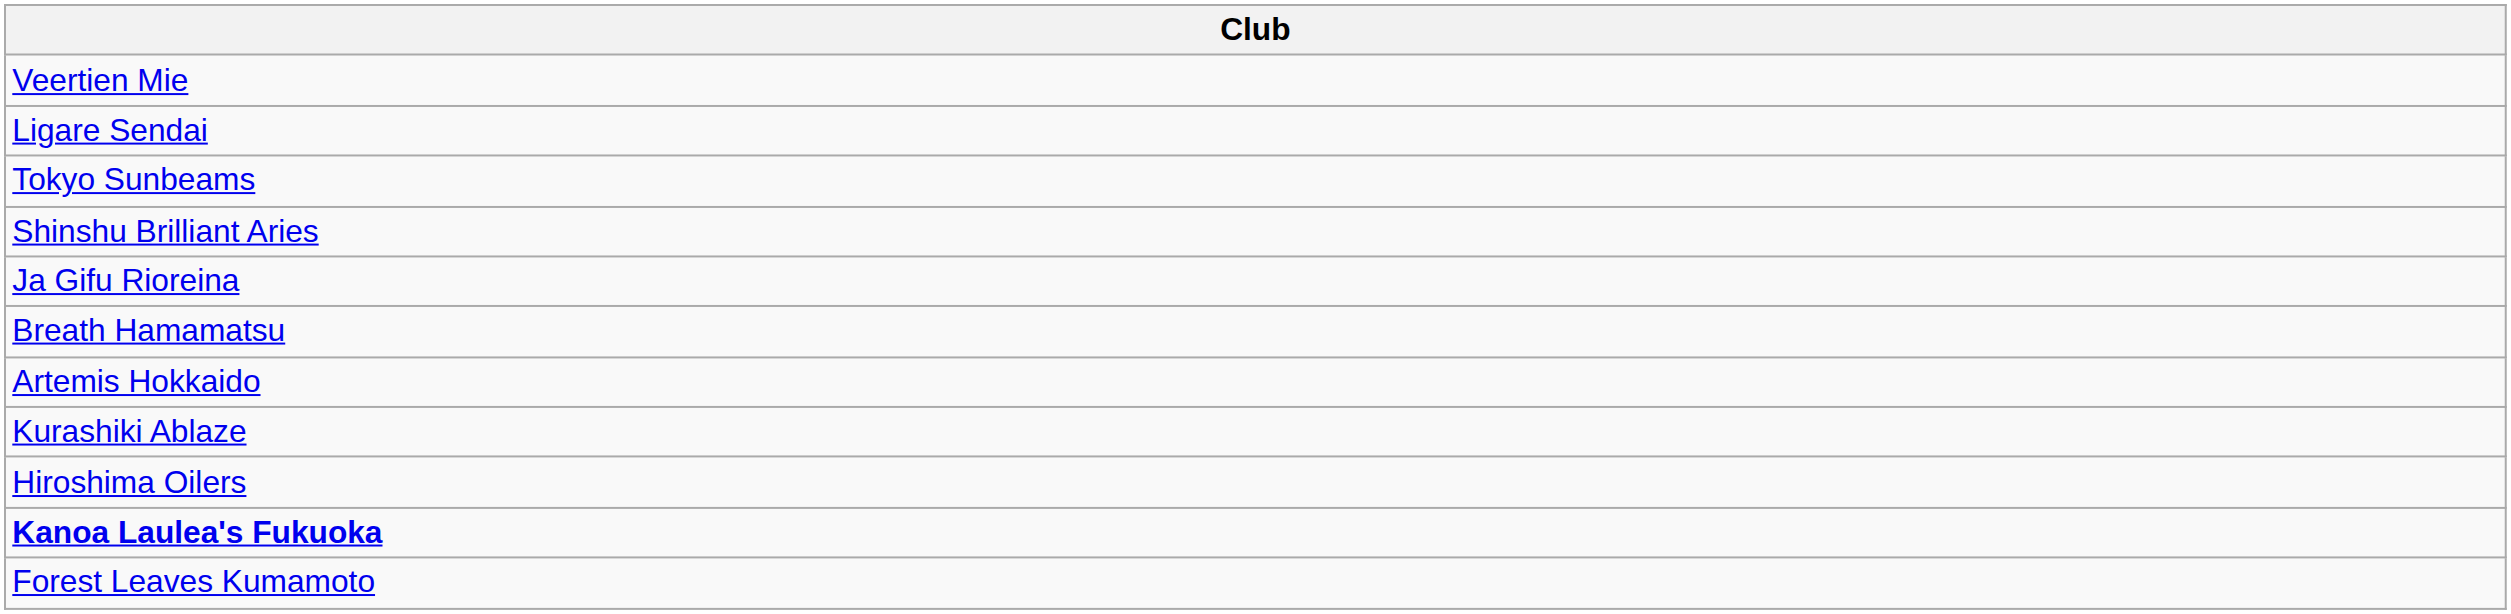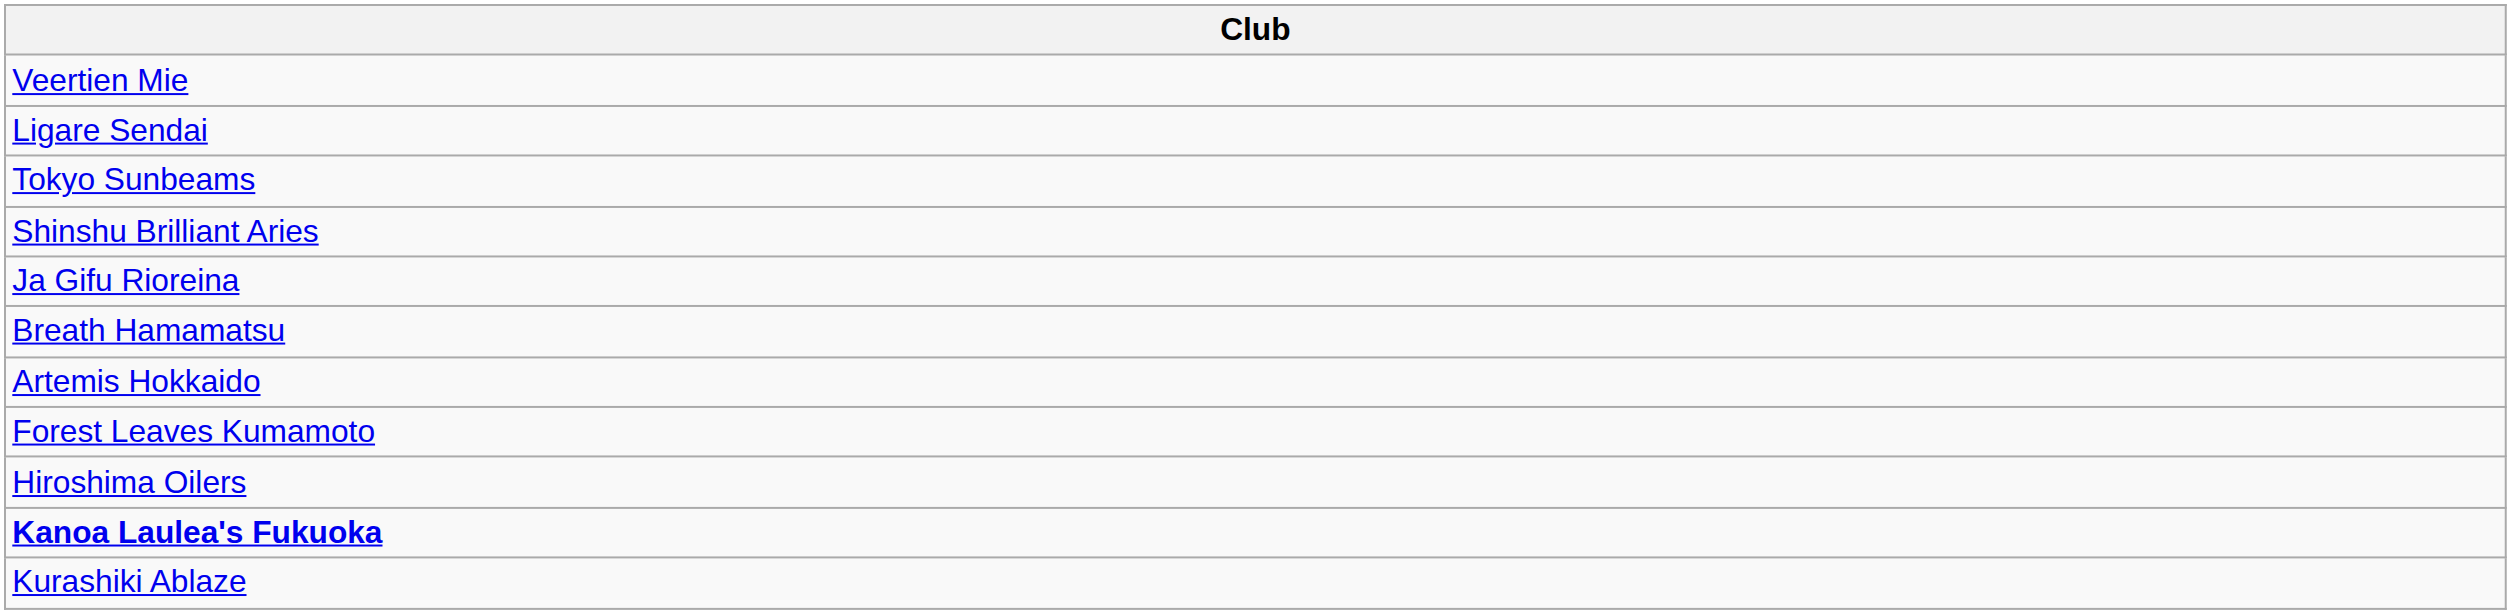 <table class="wikitable" style="width:100%; font-size:100%; text-align:left">
 <tr>
 <th>Club</th>
 </tr>
 <tr>
 <td><a href='#'>Veertien Mie</a></td>
 </tr>
 <tr>
 <td><a href='#'>Ligare Sendai</a></td>
 </tr>
 <tr>
 <td><a href='#'>Tokyo Sunbeams</a></td>
 </tr>
 <tr>
 <td><a href='#'>Shinshu Brilliant Aries</a></td>
 </tr>
 <tr>
 <td><a href='#'>Ja Gifu Rioreina</a></td>
 </tr>
 <tr>
 <td><a href='#'>Breath Hamamatsu</a></td>
 </tr>
 <tr>
 <td><a href='#'>Artemis Hokkaido</a></td>
 </tr>
 <tr>
-<td><a href='#'>Kurashiki Ablaze</a></td>
+<td><a href='#'>Forest Leaves Kumamoto</a></td>
 </tr>
 <tr>
 <td><a href='#'>Hiroshima Oilers</a></td>
 </tr>
 <tr>
 <td><strong><a href='#'>Kanoa Laulea's Fukuoka</a></strong></td>
 </tr>
 <tr>
-<td><a href='#'>Forest Leaves Kumamoto</a></td>
+<td><a href='#'>Kurashiki Ablaze</a></td>
 </tr>
 </table>
